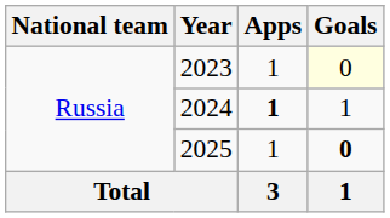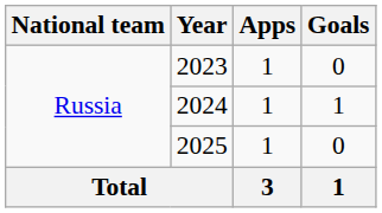 <table class="wikitable" style="text-align:center">
 <tr>
 <th>National team</th>
 <th>Year</th>
 <th>Apps</th>
 <th>Goals</th>
 </tr>
 <tr>
 <td rowspan="3"><a href='#'>Russia</a></td>
 <td>2023</td>
 <td>1</td>
-<td style="background: lightyellow;">0</td>
+<td>0</td>
 </tr>
 <tr>
 <td>2024</td>
-<td><strong>1</strong></td>
+<td>1</td>
 <td>1</td>
 </tr>
 <tr>
 <td>2025</td>
 <td>1</td>
-<td><strong>0</strong></td>
+<td>0</td>
 </tr>
 <tr>
 <th colspan="2">Total</th>
 <th>3</th>
 <th>1</th>
 </tr>
 </table>
